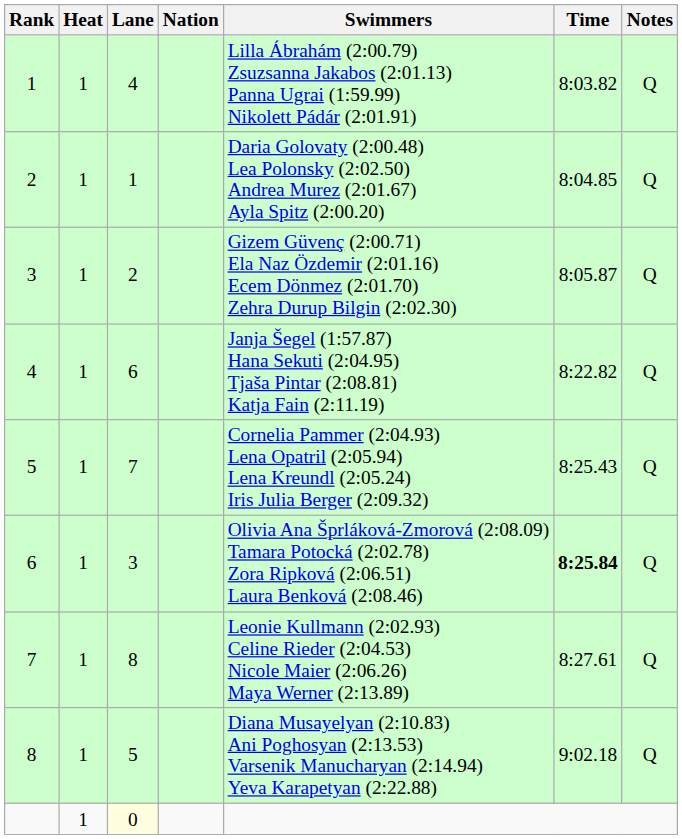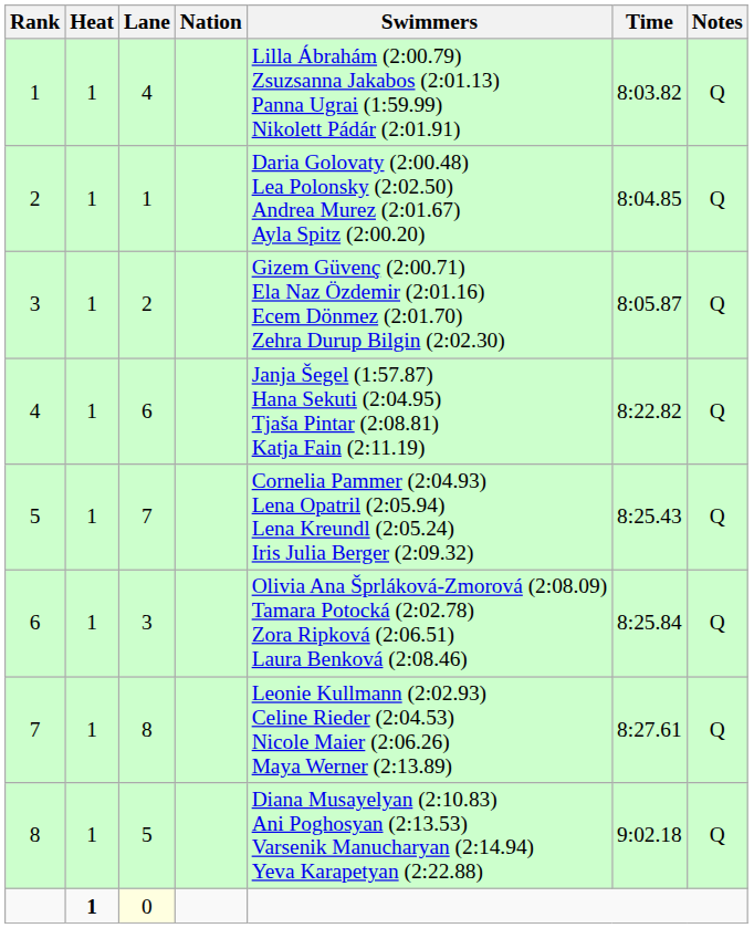 <table class="wikitable sortable" style="text-align:center">
 <tr>
 <th>Rank</th>
 <th>Heat</th>
 <th>Lane</th>
 <th>Nation</th>
 <th>Swimmers</th>
 <th>Time</th>
 <th>Notes</th>
 </tr>
 <tr bgcolor=ccffcc>
 <td>1</td>
 <td>1</td>
 <td>4</td>
 <td align=left></td>
 <td align=left><a href='#'>Lilla Ábrahám</a> (2:00.79)<br><a href='#'>Zsuzsanna Jakabos</a> (2:01.13)<br><a href='#'>Panna Ugrai</a> (1:59.99)<br><a href='#'>Nikolett Pádár</a> (2:01.91)</td>
 <td>8:03.82</td>
 <td>Q</td>
 </tr>
 <tr bgcolor=ccffcc>
 <td>2</td>
 <td>1</td>
 <td>1</td>
 <td align=left></td>
 <td align=left><a href='#'>Daria Golovaty</a> (2:00.48)<br><a href='#'>Lea Polonsky</a> (2:02.50)<br><a href='#'>Andrea Murez</a> (2:01.67)<br><a href='#'>Ayla Spitz</a> (2:00.20)</td>
 <td>8:04.85</td>
 <td>Q</td>
 </tr>
 <tr bgcolor=ccffcc>
 <td>3</td>
 <td>1</td>
 <td>2</td>
 <td align=left></td>
 <td align=left><a href='#'>Gizem Güvenç</a> (2:00.71)<br><a href='#'>Ela Naz Özdemir</a> (2:01.16)<br><a href='#'>Ecem Dönmez</a> (2:01.70)<br><a href='#'>Zehra Durup Bilgin</a> (2:02.30)</td>
 <td>8:05.87</td>
 <td>Q</td>
 </tr>
 <tr bgcolor=ccffcc>
 <td>4</td>
 <td>1</td>
 <td>6</td>
 <td align=left></td>
 <td align=left><a href='#'>Janja Šegel</a> (1:57.87)<br><a href='#'>Hana Sekuti</a> (2:04.95)<br><a href='#'>Tjaša Pintar</a> (2:08.81)<br><a href='#'>Katja Fain</a> (2:11.19)</td>
 <td>8:22.82</td>
 <td>Q</td>
 </tr>
 <tr bgcolor=ccffcc>
 <td>5</td>
 <td>1</td>
 <td>7</td>
 <td align=left></td>
 <td align=left><a href='#'>Cornelia Pammer</a> (2:04.93)<br><a href='#'>Lena Opatril</a> (2:05.94)<br><a href='#'>Lena Kreundl</a> (2:05.24)<br><a href='#'>Iris Julia Berger</a> (2:09.32)</td>
 <td>8:25.43</td>
 <td>Q</td>
 </tr>
 <tr bgcolor=ccffcc>
 <td>6</td>
 <td>1</td>
 <td>3</td>
 <td align=left></td>
 <td align=left><a href='#'>Olivia Ana Šprláková-Zmorová</a> (2:08.09)<br><a href='#'>Tamara Potocká</a> (2:02.78)<br><a href='#'>Zora Ripková</a> (2:06.51)<br><a href='#'>Laura Benková</a> (2:08.46)</td>
-<td><strong>8:25.84</strong></td>
+<td>8:25.84</td>
 <td>Q</td>
 </tr>
 <tr bgcolor=ccffcc>
 <td>7</td>
 <td>1</td>
 <td>8</td>
 <td align=left></td>
 <td align=left><a href='#'>Leonie Kullmann</a> (2:02.93)<br><a href='#'>Celine Rieder</a> (2:04.53)<br><a href='#'>Nicole Maier</a> (2:06.26)<br><a href='#'>Maya Werner</a> (2:13.89)</td>
 <td>8:27.61</td>
 <td>Q</td>
 </tr>
 <tr bgcolor=ccffcc>
 <td>8</td>
 <td>1</td>
 <td>5</td>
 <td align=left></td>
 <td align=left><a href='#'>Diana Musayelyan</a> (2:10.83)<br><a href='#'>Ani Poghosyan</a> (2:13.53)<br><a href='#'>Varsenik Manucharyan</a> (2:14.94)<br><a href='#'>Yeva Karapetyan</a> (2:22.88)</td>
 <td>9:02.18</td>
 <td>Q</td>
 </tr>
 <tr>
 <td></td>
-<td>1</td>
+<td><strong>1</strong></td>
 <td style="background: lightyellow;">0</td>
 <td align=left></td>
 <td colspan=3></td>
 </tr>
 </table>
